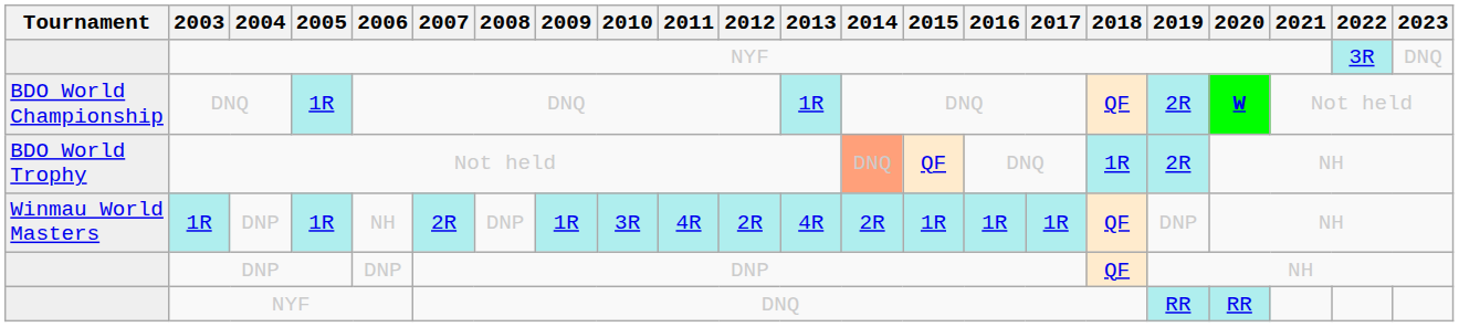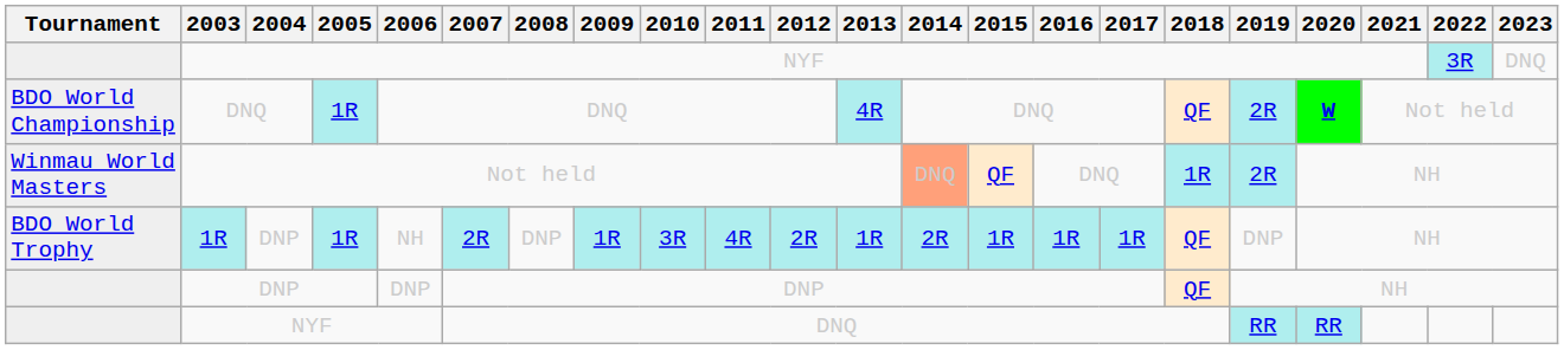 <table class="wikitable" style="width:60%; margin:0">
 <tr>
 <th>Tournament</th>
 <th>2003</th>
 <th>2004</th>
 <th>2005</th>
 <th>2006</th>
 <th>2007</th>
 <th>2008</th>
 <th>2009</th>
 <th>2010</th>
 <th>2011</th>
 <th>2012</th>
 <th>2013</th>
 <th>2014</th>
 <th>2015</th>
 <th>2016</th>
 <th>2017</th>
 <th>2018</th>
 <th>2019</th>
 <th>2020</th>
 <th>2021</th>
 <th>2022</th>
 <th>2023</th>
 </tr>
 <tr>
 <td style="background:#efefef;"></td>
 <td colspan="19" style="text-align:center; color:#ccc;">NYF</td>
 <td style="text-align:center; background:#afeeee;"><a href='#'>3R</a></td>
 <td style="text-align:center; color:#ccc;">DNQ</td>
 </tr>
 <tr>
 <td style="background:#efefef;"><a href='#'>BDO World Championship</a></td>
 <td colspan="2" style="text-align:center; color:#ccc;">DNQ</td>
 <td style="text-align:center; background:#afeeee;"><a href='#'>1R</a></td>
 <td colspan="7" style="text-align:center; color:#ccc;">DNQ</td>
-<td style="text-align:center; background:#afeeee;"><a href='#'>1R</a></td>
+<td style="text-align:center; background:#afeeee;"><a href='#'>4R</a></td>
 <td colspan="4" style="text-align:center; color:#ccc;">DNQ</td>
 <td style="text-align:center; background:#ffebcd;"><a href='#'>QF</a></td>
 <td style="text-align:center; background:#afeeee;"><a href='#'>2R</a></td>
 <td style="text-align:center; background:#0f0;"><strong><a href='#'>W</a></strong></td>
 <td colspan="3" style="text-align:center; color:#ccc;">Not held</td>
 </tr>
 <tr>
-<td style="background:#efefef;"><a href='#'>BDO World Trophy</a></td>
+<td style="background:#efefef;"><a href='#'>Winmau World Masters</a></td>
 <td colspan="11" style="text-align:center; color:#ccc;">Not held</td>
 <td style="background: lightsalmon; text-align:center; color:#ccc;">DNQ</td>
 <td style="text-align:center; background:#ffebcd;"><a href='#'>QF</a></td>
 <td colspan="2" style="text-align:center; color:#ccc;">DNQ</td>
 <td style="text-align:center; background:#afeeee;"><a href='#'>1R</a></td>
 <td style="text-align:center; background:#afeeee;"><a href='#'>2R</a></td>
 <td colspan="4" style="text-align:center; color:#ccc;">NH</td>
 </tr>
 <tr>
-<td style="background:#efefef;"><a href='#'>Winmau World Masters</a></td>
+<td style="background:#efefef;"><a href='#'>BDO World Trophy</a></td>
 <td style="text-align:center; background:#afeeee;"><a href='#'>1R</a></td>
 <td colspan="1" style="text-align:center; color:#ccc;">DNP</td>
 <td style="text-align:center; background:#afeeee;"><a href='#'>1R</a></td>
 <td style="text-align:center; color:#ccc;">NH</td>
 <td style="text-align:center; background:#afeeee;"><a href='#'>2R</a></td>
 <td colspan="1" style="text-align:center; color:#ccc;">DNP</td>
 <td style="text-align:center; background:#afeeee;"><a href='#'>1R</a></td>
 <td style="text-align:center; background:#afeeee;"><a href='#'>3R</a></td>
 <td style="text-align:center; background:#afeeee;"><a href='#'>4R</a></td>
 <td style="text-align:center; background:#afeeee;"><a href='#'>2R</a></td>
-<td style="text-align:center; background:#afeeee;"><a href='#'>4R</a></td>
+<td style="text-align:center; background:#afeeee;"><a href='#'>1R</a></td>
 <td style="text-align:center; background:#afeeee;"><a href='#'>2R</a></td>
 <td style="text-align:center; background:#afeeee;"><a href='#'>1R</a></td>
 <td style="text-align:center; background:#afeeee;"><a href='#'>1R</a></td>
 <td style="text-align:center; background:#afeeee;"><a href='#'>1R</a></td>
 <td style="text-align:center; background:#ffebcd;"><a href='#'>QF</a></td>
 <td colspan="1" style="text-align:center; color:#ccc;">DNP</td>
 <td colspan="4"  style="text-align:center; color:#ccc;">NH</td>
 </tr>
 <tr>
 <td style="background:#efefef;"></td>
 <td colspan="3" style="text-align:center; color:#ccc;">DNP</td>
 <td colspan="1" style="text-align:center; color:#ccc;">DNP</td>
 <td colspan="11" style="text-align:center; color:#ccc;">DNP</td>
 <td style="text-align:center; background:#ffebcd;"><a href='#'>QF</a></td>
 <td colspan="5" style="text-align:center; color:#ccc;">NH</td>
 </tr>
 <tr>
 <td style="background:#efefef;"></td>
 <td colspan="4" style="text-align:center; color:#ccc;">NYF</td>
 <td colspan="12" style="text-align:center; color:#ccc;">DNQ</td>
 <td style="text-align:center; background:#afeeee;"><a href='#'>RR</a></td>
 <td style="text-align:center; background:#afeeee;"><a href='#'>RR</a></td>
 <td></td>
 <td></td>
 <td></td>
 </tr>
 </table>
